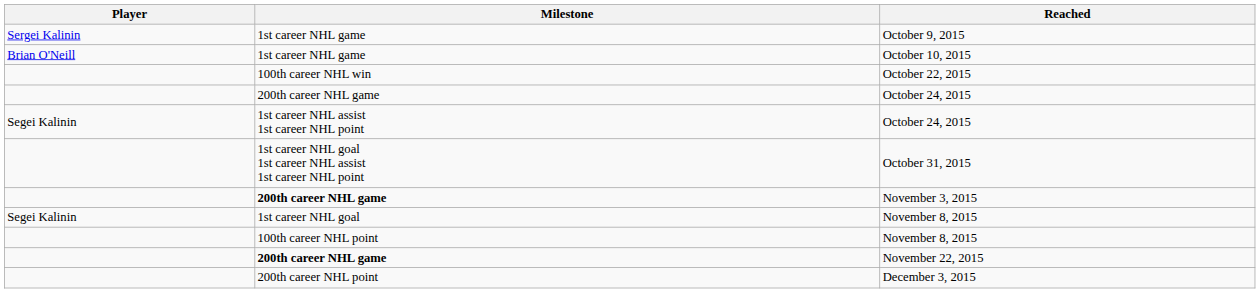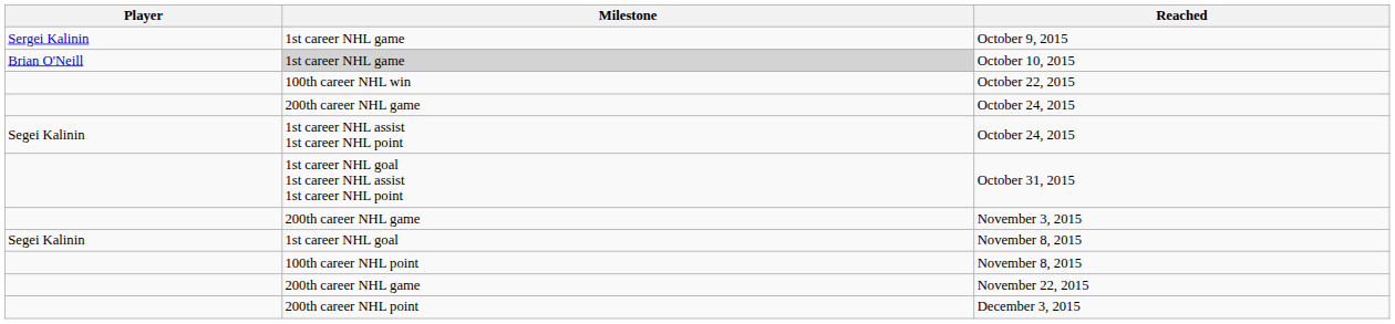 <table class="wikitable sortable" style="width:100%;">
 <tr align=center>
 <th style="width:20%;">Player</th>
 <th style="width:50%;">Milestone</th>
 <th style="width:30%;" data-sort-type="date">Reached</th>
 </tr>
 <tr>
 <td><a href='#'>Sergei Kalinin</a></td>
 <td>1st career NHL game</td>
 <td>October 9, 2015</td>
 </tr>
 <tr>
 <td><a href='#'>Brian O'Neill</a></td>
-<td>1st career NHL game</td>
+<td style="background: lightgrey;">1st career NHL game</td>
 <td>October 10, 2015</td>
 </tr>
 <tr>
 <td></td>
 <td>100th career NHL win</td>
 <td>October 22, 2015</td>
 </tr>
 <tr>
 <td></td>
 <td>200th career NHL game</td>
 <td>October 24, 2015</td>
 </tr>
 <tr>
 <td>Segei Kalinin</td>
 <td>1st career NHL assist<br>1st career NHL point</td>
 <td>October 24, 2015</td>
 </tr>
 <tr>
 <td></td>
 <td>1st career NHL goal<br>1st career NHL assist<br>1st career NHL point</td>
 <td>October 31, 2015</td>
 </tr>
 <tr>
 <td></td>
-<td><strong>200th career NHL game</strong></td>
+<td>200th career NHL game</td>
 <td>November 3, 2015</td>
 </tr>
 <tr>
 <td>Segei Kalinin</td>
 <td>1st career NHL goal</td>
 <td>November 8, 2015</td>
 </tr>
 <tr>
 <td></td>
 <td>100th career NHL point</td>
 <td>November 8, 2015</td>
 </tr>
 <tr>
 <td></td>
-<td><strong>200th career NHL game</strong></td>
+<td>200th career NHL game</td>
 <td>November 22, 2015</td>
 </tr>
 <tr>
 <td></td>
 <td>200th career NHL point</td>
 <td>December 3, 2015</td>
 </tr>
 </table>
